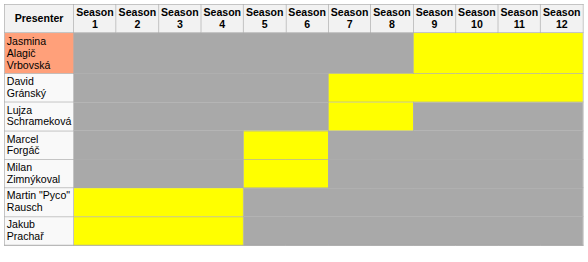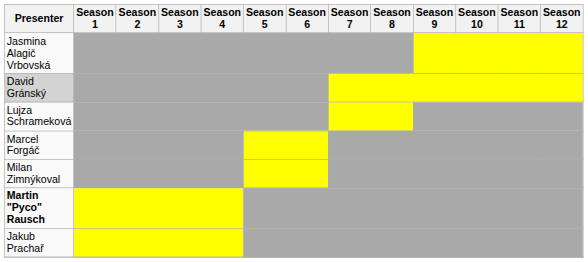 <table class="wikitable">
 <tr>
 <th>Presenter</th>
 <th>Season 1</th>
 <th>Season 2</th>
 <th>Season 3</th>
 <th>Season 4</th>
 <th>Season 5</th>
 <th>Season 6</th>
 <th>Season 7</th>
 <th>Season 8</th>
 <th>Season 9</th>
 <th>Season 10</th>
 <th>Season 11</th>
 <th>Season 12</th>
 </tr>
 <tr>
-<td style="background: lightsalmon;">Jasmina Alagič Vrbovská</td>
+<td>Jasmina Alagič Vrbovská</td>
 <td bgcolor="darkgray" colspan="8"></td>
 <td colspan="4" style="text-align:center; background:yellow;"></td>
 </tr>
 <tr>
-<td>David Gránský</td>
+<td style="background: lightgrey;">David Gránský</td>
 <td bgcolor="darkgray" colspan="6"></td>
 <td colspan="6" style="text-align:center; background:yellow;"></td>
 </tr>
 <tr>
 <td>Lujza Schrameková</td>
 <td bgcolor="darkgray" colspan="6"></td>
 <td colspan="2" style="text-align:center; background:yellow;"></td>
 <td bgcolor="darkgray" colspan="4"></td>
 </tr>
 <tr>
 <td>Marcel Forgáč</td>
 <td bgcolor="darkgray" colspan="4"></td>
 <td colspan="2" style="text-align:center; background:yellow;"></td>
 <td bgcolor="darkgray" colspan="6"></td>
 </tr>
 <tr>
 <td>Milan Zimnýkoval</td>
 <td bgcolor="darkgray" colspan="4"></td>
 <td colspan="2" style="text-align:center; background:yellow;"></td>
 <td bgcolor="darkgray" colspan="6"></td>
 </tr>
 <tr>
-<td>Martin "Pyco" Rausch</td>
+<td><strong>Martin "Pyco" Rausch</strong></td>
 <td colspan="4" style="text-align:center; background:yellow;"></td>
 <td bgcolor="darkgray" colspan="8"></td>
 </tr>
 <tr>
 <td>Jakub Prachař</td>
 <td colspan="4" style="text-align:center; background:yellow;"></td>
 <td bgcolor="darkgray" colspan="8"></td>
 </tr>
 <tr>
 </tr>
 </table>
